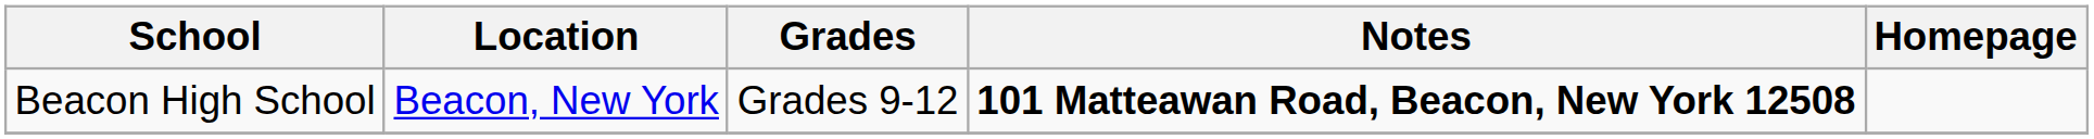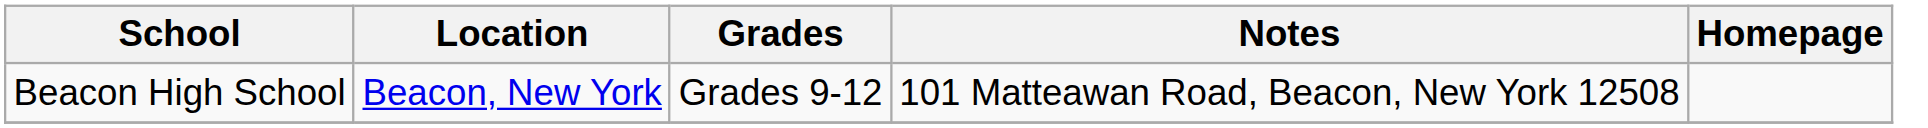 <table class="wikitable" align="left">
 <tr>
 <th>School</th>
 <th>Location</th>
 <th>Grades</th>
 <th>Notes</th>
 <th>Homepage</th>
 </tr>
 <tr>
 <td>Beacon High School</td>
 <td><a href='#'>Beacon, New York</a></td>
 <td>Grades 9-12</td>
-<td><strong>101 Matteawan Road, Beacon, New York 12508</strong></td>
+<td>101 Matteawan Road, Beacon, New York 12508</td>
 <td></td>
 </tr>
 <tr>
 </tr>
 </table>
